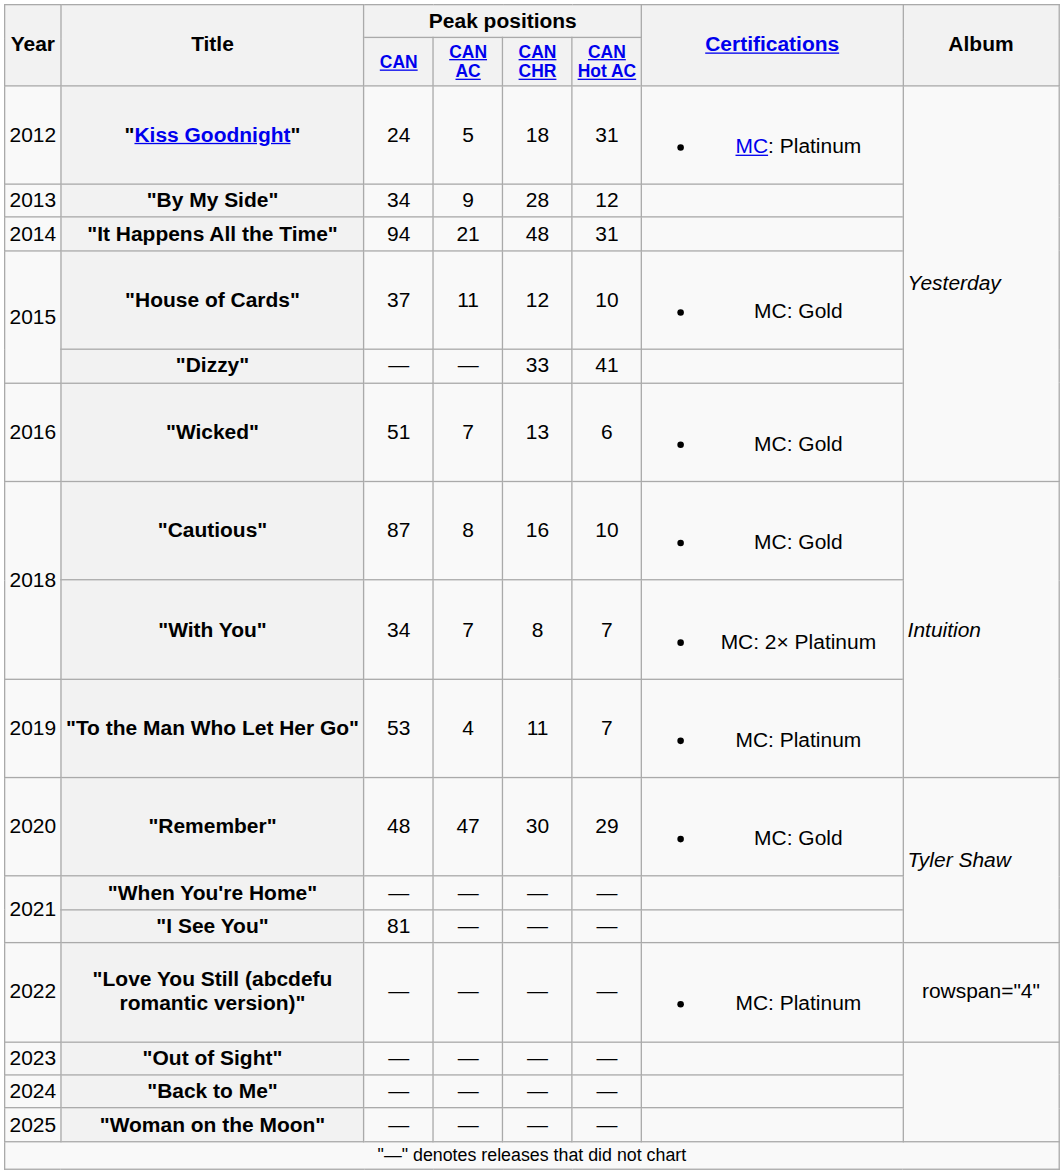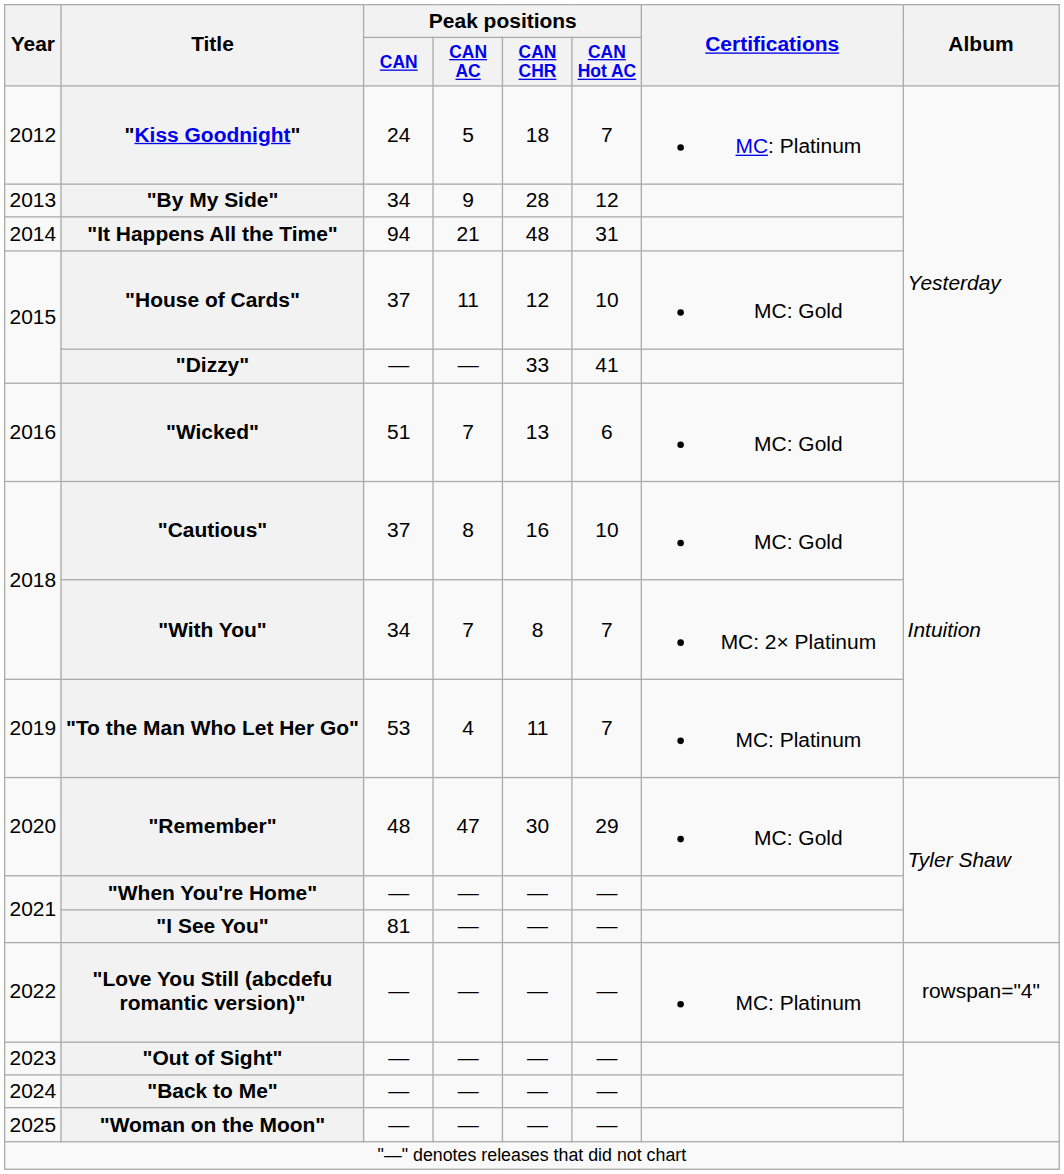 <table class="wikitable plainrowheaders" style="text-align:center;">
 <tr>
 <th rowspan="2" style="width:1em;">Year</th>
 <th rowspan="2" style="width:14em;">Title</th>
 <th colspan="4">Peak positions</th>
 <th rowspan="2" style="width:12em;"><a href='#'>Certifications</a></th>
 <th rowspan="2" style="width:7em;">Album</th>
 </tr>
 <tr style="font-size:smaller;">
 <th style="width:3.5em;"><a href='#'>CAN</a><br></th>
 <th style="width:3.5em;"><a href='#'>CAN AC</a><br></th>
 <th style="width:3.5em;"><a href='#'>CAN CHR</a><br></th>
 <th style="width:3.5em;"><a href='#'>CAN Hot AC</a><br></th>
 </tr>
 <tr>
 <td>2012</td>
 <th scope="row">"<a href='#'>Kiss Goodnight</a>"</th>
 <td>24</td>
 <td>5</td>
 <td>18</td>
-<td>31</td>
+<td>7</td>
 <td><br><ul><li><a href='#'>MC</a>: Platinum</li></ul></td>
 <td rowspan="6" align="left"><em>Yesterday</em></td>
 </tr>
 <tr>
 <td>2013</td>
 <th scope="row">"By My Side"</th>
 <td>34</td>
 <td>9</td>
 <td>28</td>
 <td>12</td>
 <td></td>
 </tr>
 <tr>
 <td>2014</td>
 <th scope="row">"It Happens All the Time"</th>
 <td>94</td>
 <td>21</td>
 <td>48</td>
 <td>31</td>
 <td></td>
 </tr>
 <tr>
 <td rowspan="2">2015</td>
 <th scope="row">"House of Cards"</th>
 <td>37</td>
 <td>11</td>
 <td>12</td>
 <td>10</td>
 <td><br><ul><li>MC: Gold</li></ul></td>
 </tr>
 <tr>
 <th scope="row">"Dizzy"</th>
 <td>—</td>
 <td>—</td>
 <td>33</td>
 <td>41</td>
 <td></td>
 </tr>
 <tr>
 <td>2016</td>
 <th scope="row">"Wicked"</th>
 <td>51</td>
 <td>7</td>
 <td>13</td>
 <td>6</td>
 <td><br><ul><li>MC: Gold</li></ul></td>
 </tr>
 <tr>
 <td rowspan="2">2018</td>
 <th scope="row">"Cautious"</th>
-<td>87</td>
+<td>37</td>
 <td>8</td>
 <td>16</td>
 <td>10</td>
 <td><br><ul><li>MC: Gold</li></ul></td>
 <td rowspan="3" align="left"><em>Intuition</em></td>
 </tr>
 <tr>
 <th scope="row">"With You"</th>
 <td>34</td>
 <td>7</td>
 <td>8</td>
 <td>7</td>
 <td><br><ul><li>MC: 2× Platinum</li></ul></td>
 </tr>
 <tr>
 <td>2019</td>
 <th scope="row">"To the Man Who Let Her Go"</th>
 <td>53</td>
 <td>4</td>
 <td>11</td>
 <td>7</td>
 <td><br><ul><li>MC: Platinum</li></ul></td>
 </tr>
 <tr>
 <td>2020</td>
 <th scope="row">"Remember"</th>
 <td>48</td>
 <td>47</td>
 <td>30</td>
 <td>29</td>
 <td><br><ul><li>MC: Gold</li></ul></td>
 <td rowspan="3" align="left"><em>Tyler Shaw</em></td>
 </tr>
 <tr>
 <td rowspan="2">2021</td>
 <th scope="row">"When You're Home"</th>
 <td>—</td>
 <td>—</td>
 <td>—</td>
 <td>—</td>
 <td></td>
 </tr>
 <tr>
 <th scope="row">"I See You"</th>
 <td>81</td>
 <td>—</td>
 <td>—</td>
 <td>—</td>
 <td></td>
 </tr>
 <tr>
 <td>2022</td>
 <th scope="row">"Love You Still (abcdefu romantic version)"</th>
 <td>—</td>
 <td>—</td>
 <td>—</td>
 <td>—</td>
 <td><br><ul><li>MC: Platinum</li></ul></td>
 <td>rowspan="4" </td>
 </tr>
 <tr>
 <td>2023</td>
 <th scope="row">"Out of Sight"</th>
 <td>—</td>
 <td>—</td>
 <td>—</td>
 <td>—</td>
 <td></td>
 </tr>
 <tr>
 <td>2024</td>
 <th scope="row">"Back to Me"</th>
 <td>—</td>
 <td>—</td>
 <td>—</td>
 <td>—</td>
 <td></td>
 </tr>
 <tr>
 <td>2025</td>
 <th scope="row">"Woman on the Moon"</th>
 <td>—</td>
 <td>—</td>
 <td>—</td>
 <td>—</td>
 <td></td>
 </tr>
 <tr>
 <td colspan="9" style="font-size:85%">"—" denotes releases that did not chart</td>
 </tr>
 </table>
